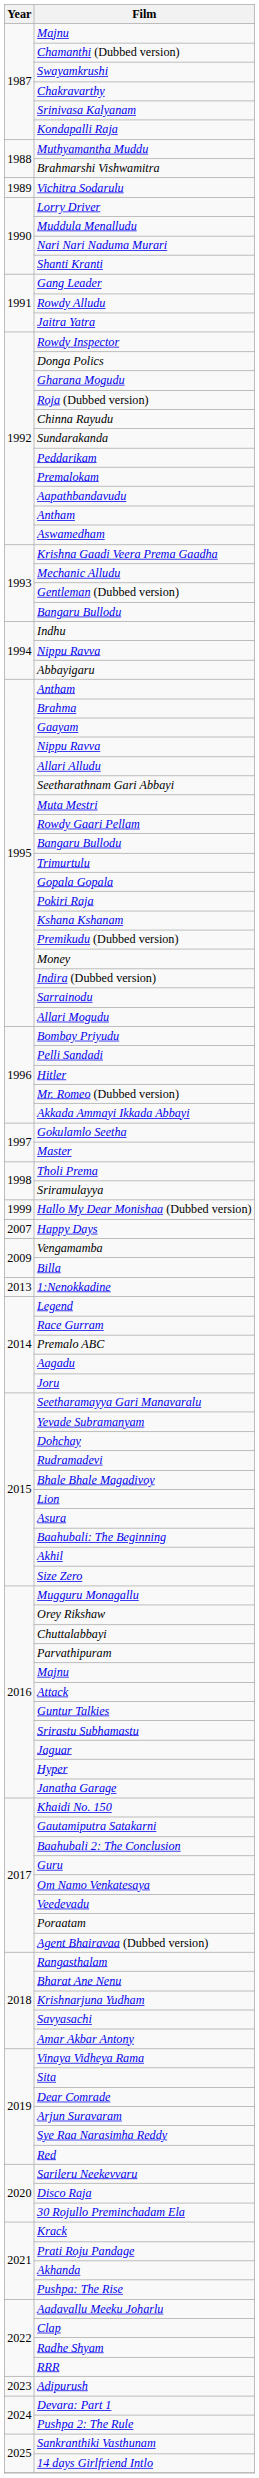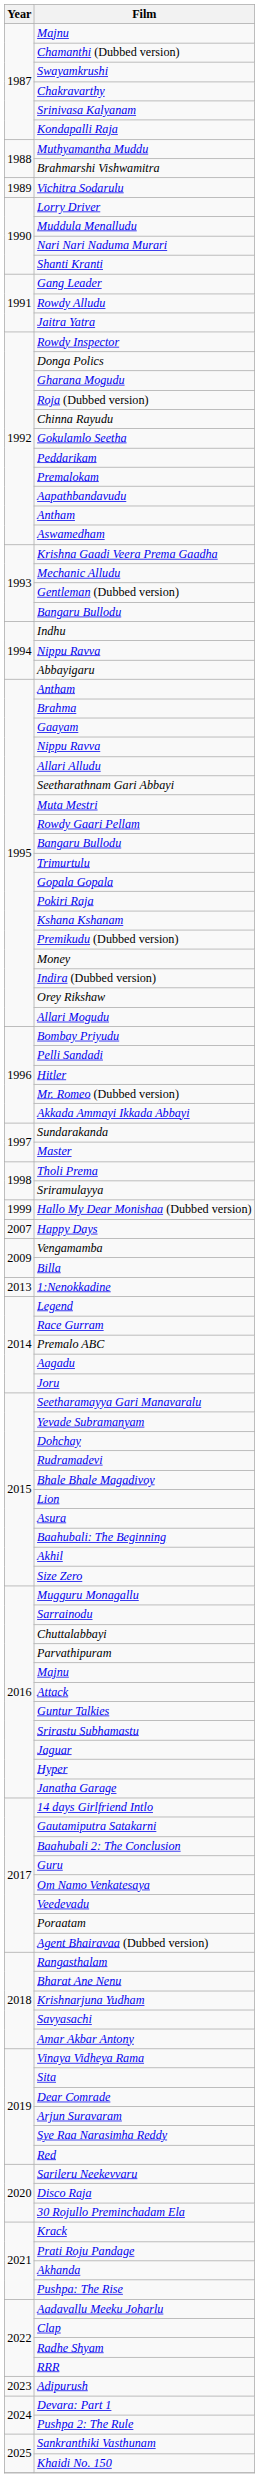 <table class="wikitable sortable">
 <tr>
 <th>Year</th>
 <th>Film</th>
 </tr>
 <tr>
 <td rowspan="6">1987</td>
 <td><em><a href='#'>Majnu</a></em></td>
 </tr>
 <tr>
 <td><em><a href='#'>Chamanthi</a></em> (Dubbed version)</td>
 </tr>
 <tr>
 <td><em><a href='#'>Swayamkrushi</a></em></td>
 </tr>
 <tr>
 <td><em><a href='#'>Chakravarthy</a></em></td>
 </tr>
 <tr>
 <td><em><a href='#'>Srinivasa Kalyanam</a></em></td>
 </tr>
 <tr>
 <td><em><a href='#'>Kondapalli Raja</a></em></td>
 </tr>
 <tr>
 <td rowspan="2">1988</td>
 <td><em><a href='#'>Muthyamantha Muddu</a></em></td>
 </tr>
 <tr>
 <td><em>Brahmarshi Vishwamitra</em></td>
 </tr>
 <tr>
 <td>1989</td>
 <td><em><a href='#'>Vichitra Sodarulu</a></em></td>
 </tr>
 <tr>
 <td rowspan="4">1990</td>
 <td><em><a href='#'>Lorry Driver</a></em></td>
 </tr>
 <tr>
 <td><em><a href='#'>Muddula Menalludu</a></em></td>
 </tr>
 <tr>
 <td><em><a href='#'>Nari Nari Naduma Murari</a></em></td>
 </tr>
 <tr>
 <td><em><a href='#'>Shanti Kranti</a></em></td>
 </tr>
 <tr>
 <td rowspan="3">1991</td>
 <td><em><a href='#'>Gang Leader</a></em></td>
 </tr>
 <tr>
 <td><em><a href='#'>Rowdy Alludu</a></em></td>
 </tr>
 <tr>
 <td><em><a href='#'>Jaitra Yatra</a></em></td>
 </tr>
 <tr>
 <td rowspan="11">1992</td>
 <td><em><a href='#'>Rowdy Inspector</a></em></td>
 </tr>
 <tr>
 <td><em>Donga Polics</em></td>
 </tr>
 <tr>
 <td><em><a href='#'>Gharana Mogudu</a></em></td>
 </tr>
 <tr>
 <td><em><a href='#'>Roja</a></em> (Dubbed version)</td>
 </tr>
 <tr>
 <td><em>Chinna Rayudu</em></td>
 </tr>
 <tr>
-<td><em>Sundarakanda</em></td>
+<td><em><a href='#'>Gokulamlo Seetha</a></em></td>
 </tr>
 <tr>
 <td><em><a href='#'>Peddarikam</a></em></td>
 </tr>
 <tr>
 <td><em><a href='#'>Premalokam</a></em></td>
 </tr>
 <tr>
 <td><em><a href='#'>Aapathbandavudu</a></em></td>
 </tr>
 <tr>
 <td><em><a href='#'>Antham</a></em></td>
 </tr>
 <tr>
 <td><em><a href='#'>Aswamedham</a></em></td>
 </tr>
 <tr>
 <td rowspan="4">1993</td>
 <td><em><a href='#'>Krishna Gaadi Veera Prema Gaadha</a></em></td>
 </tr>
 <tr>
 <td><em><a href='#'>Mechanic Alludu</a></em></td>
 </tr>
 <tr>
 <td><em><a href='#'>Gentleman</a></em> (Dubbed version)</td>
 </tr>
 <tr>
 <td><em><a href='#'>Bangaru Bullodu</a></em></td>
 </tr>
 <tr>
 <td rowspan="3">1994</td>
 <td><em>Indhu</em></td>
 </tr>
 <tr>
 <td><em><a href='#'>Nippu Ravva</a></em></td>
 </tr>
 <tr>
 <td><em>Abbayigaru</em></td>
 </tr>
 <tr>
 <td rowspan="18">1995</td>
 <td><em><a href='#'>Antham</a></em></td>
 </tr>
 <tr>
 <td><em><a href='#'>Brahma</a></em></td>
 </tr>
 <tr>
 <td><em><a href='#'>Gaayam</a></em></td>
 </tr>
 <tr>
 <td><em><a href='#'>Nippu Ravva</a></em></td>
 </tr>
 <tr>
 <td><em><a href='#'>Allari Alludu</a></em></td>
 </tr>
 <tr>
 <td><em>Seetharathnam Gari Abbayi</em></td>
 </tr>
 <tr>
 <td><em><a href='#'>Muta Mestri</a></em></td>
 </tr>
 <tr>
 <td><em><a href='#'>Rowdy Gaari Pellam</a></em></td>
 </tr>
 <tr>
 <td><em><a href='#'>Bangaru Bullodu</a></em></td>
 </tr>
 <tr>
 <td><em><a href='#'>Trimurtulu</a></em></td>
 </tr>
 <tr>
 <td><em><a href='#'>Gopala Gopala</a></em></td>
 </tr>
 <tr>
 <td><em><a href='#'>Pokiri Raja</a></em></td>
 </tr>
 <tr>
 <td><em><a href='#'>Kshana Kshanam</a></em></td>
 </tr>
 <tr>
 <td><em><a href='#'>Premikudu</a></em> (Dubbed version)</td>
 </tr>
 <tr>
 <td><em>Money</em></td>
 </tr>
 <tr>
 <td><em><a href='#'>Indira</a></em> (Dubbed version)</td>
 </tr>
 <tr>
-<td><em><a href='#'>Sarrainodu</a></em></td>
+<td><em>Orey Rikshaw</em></td>
 </tr>
 <tr>
 <td><em><a href='#'>Allari Mogudu</a></em></td>
 </tr>
 <tr>
 <td rowspan="5">1996</td>
 <td><em><a href='#'>Bombay Priyudu</a></em></td>
 </tr>
 <tr>
 <td><em><a href='#'>Pelli Sandadi</a></em></td>
 </tr>
 <tr>
 <td><em><a href='#'>Hitler</a></em></td>
 </tr>
 <tr>
 <td><em><a href='#'>Mr. Romeo</a></em> (Dubbed version)</td>
 </tr>
 <tr>
 <td><em><a href='#'>Akkada Ammayi Ikkada Abbayi</a></em></td>
 </tr>
 <tr>
 <td rowspan="2">1997</td>
-<td><em><a href='#'>Gokulamlo Seetha</a></em></td>
+<td><em>Sundarakanda</em></td>
 </tr>
 <tr>
 <td><em><a href='#'>Master</a></em></td>
 </tr>
 <tr>
 <td rowspan="2">1998</td>
 <td><em><a href='#'>Tholi Prema</a></em></td>
 </tr>
 <tr>
 <td><em>Sriramulayya</em></td>
 </tr>
 <tr>
 <td>1999</td>
 <td><em><a href='#'>Hallo My Dear Monishaa</a></em> (Dubbed version)</td>
 </tr>
 <tr>
 <td>2007</td>
 <td><em><a href='#'>Happy Days</a></em></td>
 </tr>
 <tr>
 <td rowspan="2">2009</td>
 <td><em>Vengamamba</em></td>
 </tr>
 <tr>
 <td><em><a href='#'>Billa</a></em></td>
 </tr>
 <tr>
 <td>2013</td>
 <td><em><a href='#'>1:Nenokkadine</a></em></td>
 </tr>
 <tr>
 <td rowspan="5">2014</td>
 <td><em><a href='#'>Legend</a></em></td>
 </tr>
 <tr>
 <td><em><a href='#'>Race Gurram</a></em></td>
 </tr>
 <tr>
 <td><em>Premalo ABC</em></td>
 </tr>
 <tr>
 <td><em><a href='#'>Aagadu</a></em></td>
 </tr>
 <tr>
 <td><em><a href='#'>Joru</a></em></td>
 </tr>
 <tr>
 <td rowspan="10">2015</td>
 <td><em><a href='#'>Seetharamayya Gari Manavaralu</a></em></td>
 </tr>
 <tr>
 <td><em><a href='#'>Yevade Subramanyam</a></em></td>
 </tr>
 <tr>
 <td><em><a href='#'>Dohchay</a></em></td>
 </tr>
 <tr>
 <td><em><a href='#'>Rudramadevi</a></em></td>
 </tr>
 <tr>
 <td><em><a href='#'>Bhale Bhale Magadivoy</a></em></td>
 </tr>
 <tr>
 <td><em><a href='#'>Lion</a></em></td>
 </tr>
 <tr>
 <td><em><a href='#'>Asura</a></em></td>
 </tr>
 <tr>
 <td><em><a href='#'>Baahubali: The Beginning</a></em></td>
 </tr>
 <tr>
 <td><em><a href='#'>Akhil</a></em></td>
 </tr>
 <tr>
 <td><em><a href='#'>Size Zero</a></em></td>
 </tr>
 <tr>
 <td rowspan="11">2016</td>
 <td><em><a href='#'>Mugguru Monagallu</a></em></td>
 </tr>
 <tr>
-<td><em>Orey Rikshaw</em></td>
+<td><em><a href='#'>Sarrainodu</a></em></td>
 </tr>
 <tr>
 <td><em>Chuttalabbayi</em></td>
 </tr>
 <tr>
 <td><em>Parvathipuram</em></td>
 </tr>
 <tr>
 <td><em><a href='#'>Majnu</a></em></td>
 </tr>
 <tr>
 <td><em><a href='#'>Attack</a></em></td>
 </tr>
 <tr>
 <td><em><a href='#'>Guntur Talkies</a></em></td>
 </tr>
 <tr>
 <td><em><a href='#'>Srirastu Subhamastu</a></em></td>
 </tr>
 <tr>
 <td><em><a href='#'>Jaguar</a></em></td>
 </tr>
 <tr>
 <td><em><a href='#'>Hyper</a></em></td>
 </tr>
 <tr>
 <td><em><a href='#'>Janatha Garage</a></em></td>
 </tr>
 <tr>
 <td rowspan="8">2017</td>
-<td><em><a href='#'>Khaidi No. 150</a></em></td>
+<td><a href='#'><em>14 days Girlfriend Intlo</em></a></td>
 </tr>
 <tr>
 <td><em><a href='#'>Gautamiputra Satakarni</a></em></td>
 </tr>
 <tr>
 <td><em><a href='#'>Baahubali 2: The Conclusion</a></em></td>
 </tr>
 <tr>
 <td><em><a href='#'>Guru</a></em></td>
 </tr>
 <tr>
 <td><em><a href='#'>Om Namo Venkatesaya</a></em></td>
 </tr>
 <tr>
 <td><em><a href='#'>Veedevadu</a></em></td>
 </tr>
 <tr>
 <td><em>Poraatam</em></td>
 </tr>
 <tr>
 <td><em><a href='#'>Agent Bhairavaa</a></em> (Dubbed version)</td>
 </tr>
 <tr>
 <td rowspan="5">2018</td>
 <td><em><a href='#'>Rangasthalam</a></em></td>
 </tr>
 <tr>
 <td><em><a href='#'>Bharat Ane Nenu</a></em></td>
 </tr>
 <tr>
 <td><em><a href='#'>Krishnarjuna Yudham</a></em></td>
 </tr>
 <tr>
 <td><em><a href='#'>Savyasachi</a></em></td>
 </tr>
 <tr>
 <td><em><a href='#'>Amar Akbar Antony</a></em></td>
 </tr>
 <tr>
 <td rowspan="6">2019</td>
 <td><em><a href='#'>Vinaya Vidheya Rama</a></em></td>
 </tr>
 <tr>
 <td><em><a href='#'>Sita</a></em></td>
 </tr>
 <tr>
 <td><em><a href='#'>Dear Comrade</a></em></td>
 </tr>
 <tr>
 <td><em><a href='#'>Arjun Suravaram</a></em></td>
 </tr>
 <tr>
 <td><em><a href='#'>Sye Raa Narasimha Reddy</a></em></td>
 </tr>
 <tr>
 <td><em><a href='#'>Red</a></em></td>
 </tr>
 <tr>
 <td rowspan="3">2020</td>
 <td><em><a href='#'>Sarileru Neekevvaru</a></em></td>
 </tr>
 <tr>
 <td><em><a href='#'>Disco Raja</a></em></td>
 </tr>
 <tr>
 <td><em><a href='#'>30 Rojullo Preminchadam Ela</a></em></td>
 </tr>
 <tr>
 <td rowspan="4">2021</td>
 <td><a href='#'><em>Krack</em></a></td>
 </tr>
 <tr>
 <td><em><a href='#'>Prati Roju Pandage</a></em></td>
 </tr>
 <tr>
 <td><em><a href='#'>Akhanda</a></em></td>
 </tr>
 <tr>
 <td><em><a href='#'>Pushpa: The Rise</a></em></td>
 </tr>
 <tr>
 <td rowspan="4">2022</td>
 <td><em><a href='#'>Aadavallu Meeku Joharlu</a></em></td>
 </tr>
 <tr>
 <td><a href='#'><em>Clap</em></a></td>
 </tr>
 <tr>
 <td><em><a href='#'>Radhe Shyam</a></em></td>
 </tr>
 <tr>
 <td><em><a href='#'>RRR</a></em></td>
 </tr>
 <tr>
 <td>2023</td>
 <td><em><a href='#'>Adipurush</a></em></td>
 </tr>
 <tr>
 <td rowspan="2">2024</td>
 <td><em><a href='#'>Devara: Part 1</a></em></td>
 </tr>
 <tr>
 <td><em><a href='#'>Pushpa 2: The Rule</a></em></td>
 </tr>
 <tr>
 <td rowspan="2">2025</td>
 <td><em><a href='#'>Sankranthiki Vasthunam</a></em></td>
 </tr>
 <tr>
-<td><a href='#'><em>14 days Girlfriend Intlo</em></a></td>
+<td><em><a href='#'>Khaidi No. 150</a></em></td>
 </tr>
 <tr>
 </tr>
 </table>
